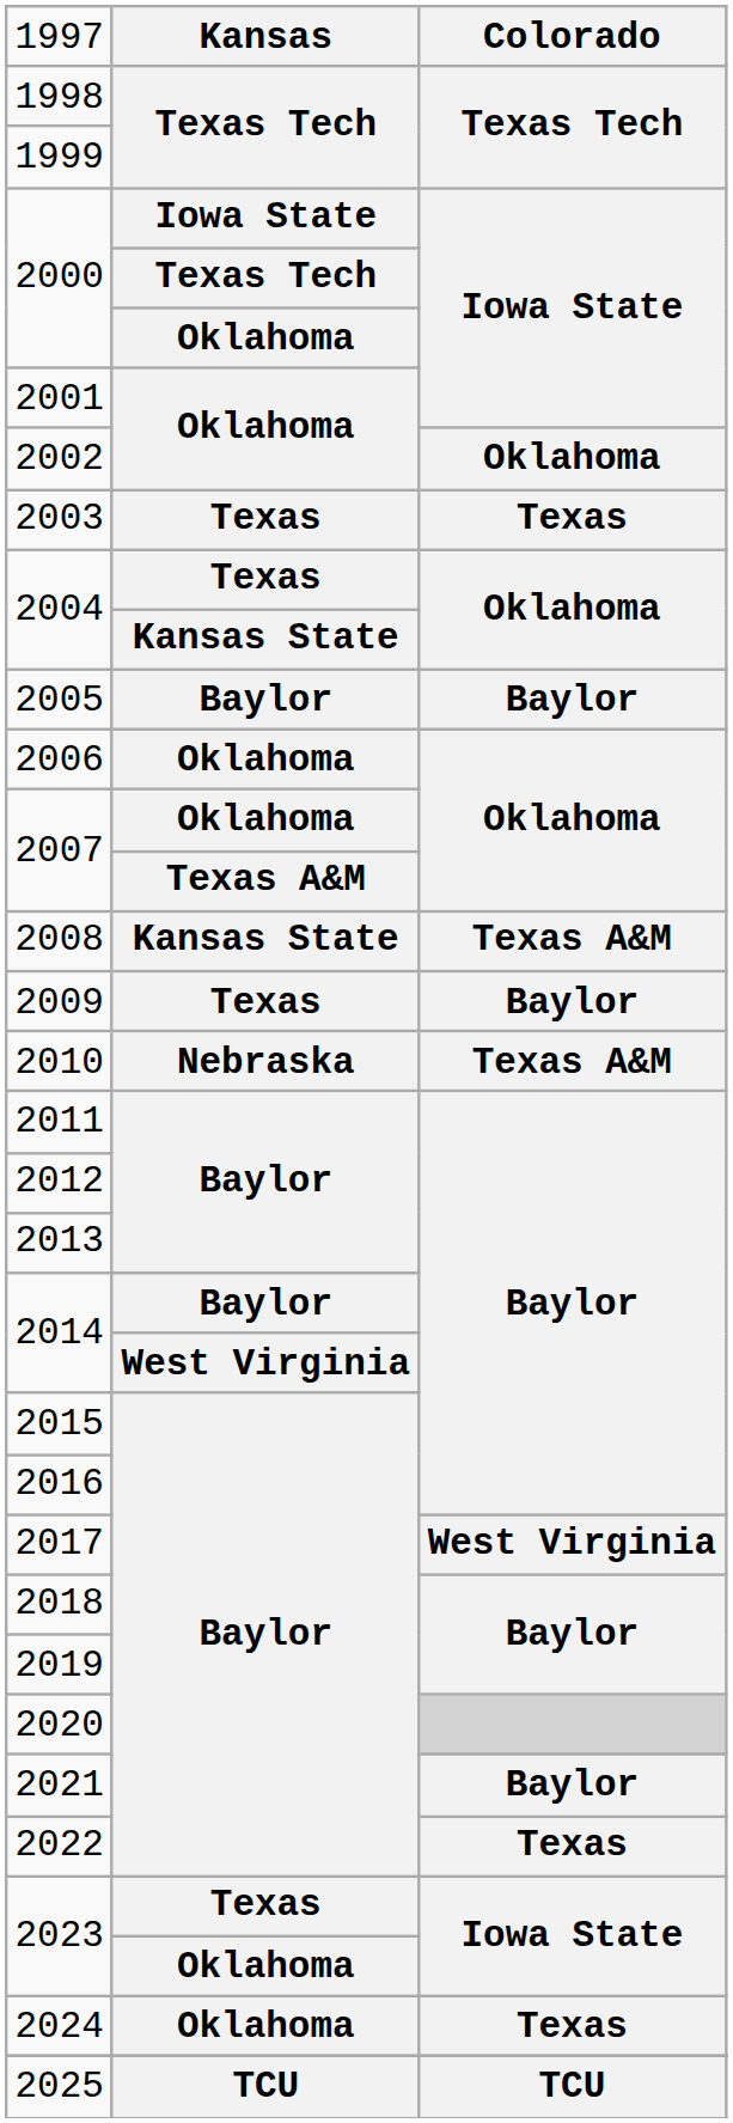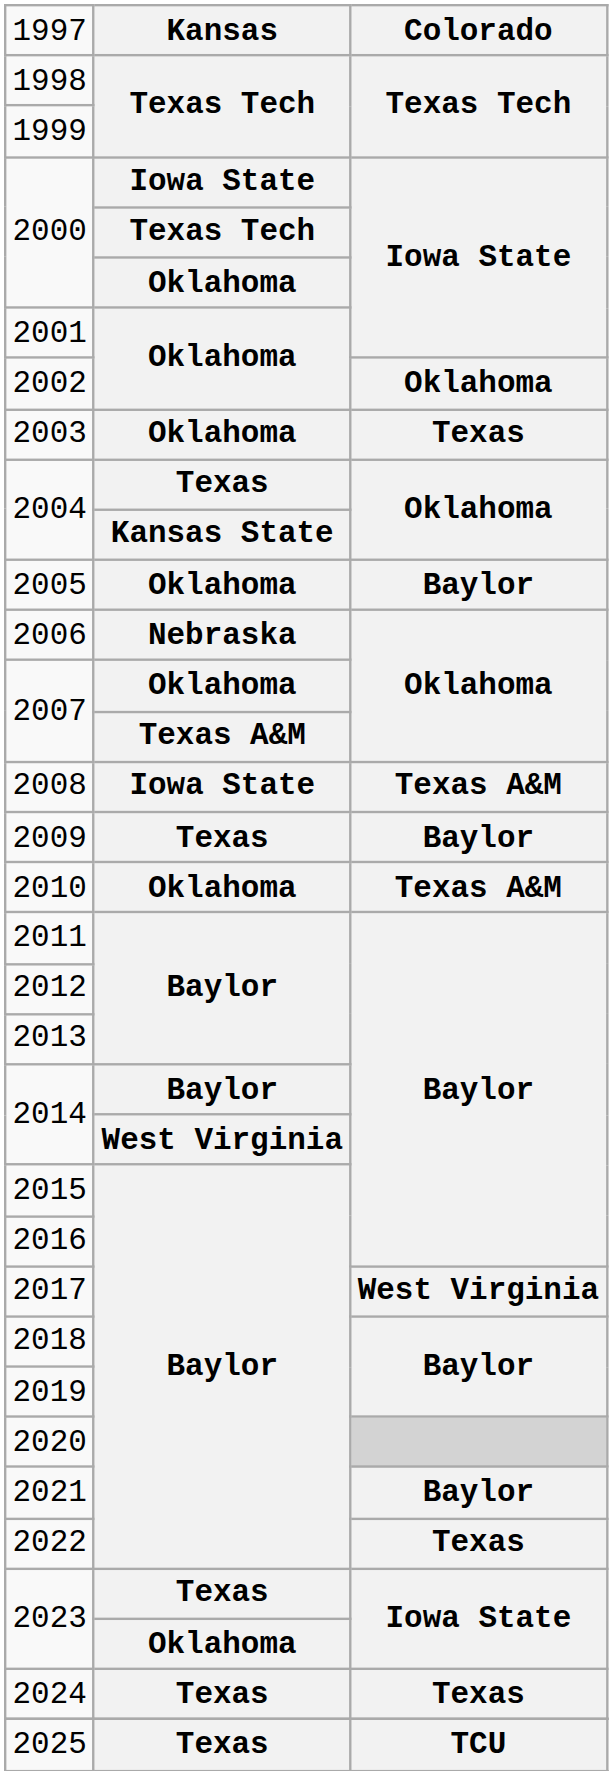 <table class="wikitable sortable">
 <tr>
 <td>1997</td>
 <th>Kansas</th>
 <th>Colorado</th>
 </tr>
 <tr>
 <td>1998</td>
 <th rowspan="2">Texas Tech</th>
 <th rowspan="2">Texas Tech</th>
 </tr>
 <tr>
 <td>1999</td>
 </tr>
 <tr>
 <td rowspan="3">2000</td>
 <th>Iowa State</th>
 <th rowspan="4">Iowa State</th>
 </tr>
 <tr>
 <th>Texas Tech</th>
 </tr>
 <tr>
 <th>Oklahoma</th>
 </tr>
 <tr>
 <td>2001</td>
 <th rowspan="2">Oklahoma</th>
 </tr>
 <tr>
 <td>2002</td>
 <th>Oklahoma</th>
 </tr>
 <tr>
 <td>2003</td>
-<th>Texas</th>
+<th>Oklahoma</th>
 <th>Texas</th>
 </tr>
 <tr>
 <td rowspan="2">2004</td>
 <th>Texas</th>
 <th rowspan="2">Oklahoma</th>
 </tr>
 <tr>
 <th>Kansas State</th>
 </tr>
 <tr>
 <td>2005</td>
-<th>Baylor</th>
+<th>Oklahoma</th>
 <th>Baylor</th>
 </tr>
 <tr>
 <td>2006</td>
-<th>Oklahoma</th>
+<th>Nebraska</th>
 <th rowspan="3">Oklahoma</th>
 </tr>
 <tr>
 <td rowspan="2">2007</td>
 <th>Oklahoma</th>
 </tr>
 <tr>
 <th>Texas A&M</th>
 </tr>
 <tr>
 <td>2008</td>
-<th>Kansas State</th>
+<th>Iowa State</th>
 <th>Texas A&M</th>
 </tr>
 <tr>
 <td>2009</td>
 <th>Texas</th>
 <th>Baylor</th>
 </tr>
 <tr>
 <td>2010</td>
-<th>Nebraska</th>
+<th>Oklahoma</th>
 <th>Texas A&M</th>
 </tr>
 <tr>
 <td>2011</td>
 <th rowspan="3">Baylor</th>
 <th rowspan="7">Baylor</th>
 </tr>
 <tr>
 <td>2012</td>
 </tr>
 <tr>
 <td>2013</td>
 </tr>
 <tr>
 <td rowspan="2">2014</td>
 <th>Baylor</th>
 </tr>
 <tr>
 <th>West Virginia</th>
 </tr>
 <tr>
 <td>2015</td>
 <th rowspan="8">Baylor</th>
 </tr>
 <tr>
 <td>2016</td>
 </tr>
 <tr>
 <td>2017</td>
 <th>West Virginia</th>
 </tr>
 <tr>
 <td>2018</td>
 <th rowspan="2">Baylor</th>
 </tr>
 <tr>
 <td>2019</td>
 </tr>
 <tr>
 <td>2020</td>
 <td bgcolor="#d3d3d3"></td>
 </tr>
 <tr>
 <td>2021</td>
 <th>Baylor</th>
 </tr>
 <tr>
 <td>2022</td>
 <th>Texas</th>
 </tr>
 <tr>
 <td rowspan="2">2023</td>
 <th>Texas</th>
 <th rowspan="2">Iowa State</th>
 </tr>
 <tr>
 <th>Oklahoma</th>
 </tr>
 <tr>
 <td>2024</td>
-<th>Oklahoma</th>
+<th>Texas</th>
 <th>Texas</th>
 </tr>
 <tr>
 </tr>
 <tr>
 <td>2025</td>
-<th>TCU</th>
+<th>Texas</th>
 <th>TCU</th>
 </tr>
 <tr>
 </tr>
 </table>
